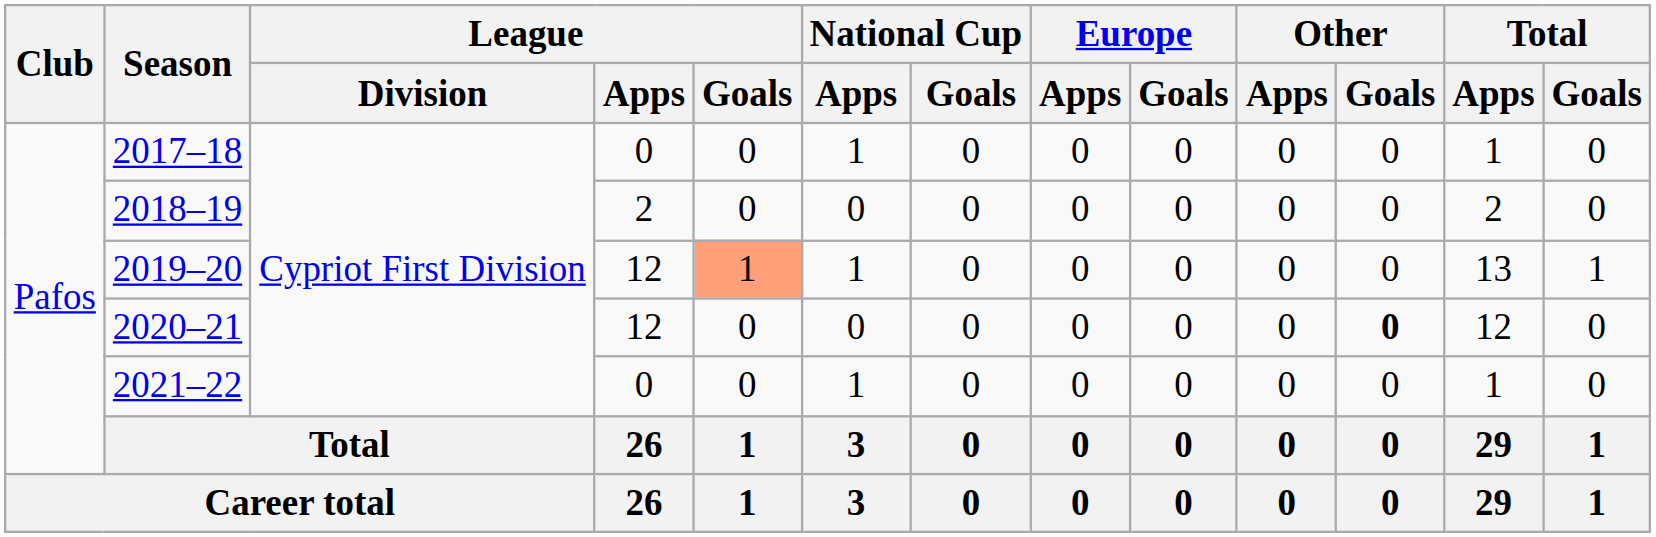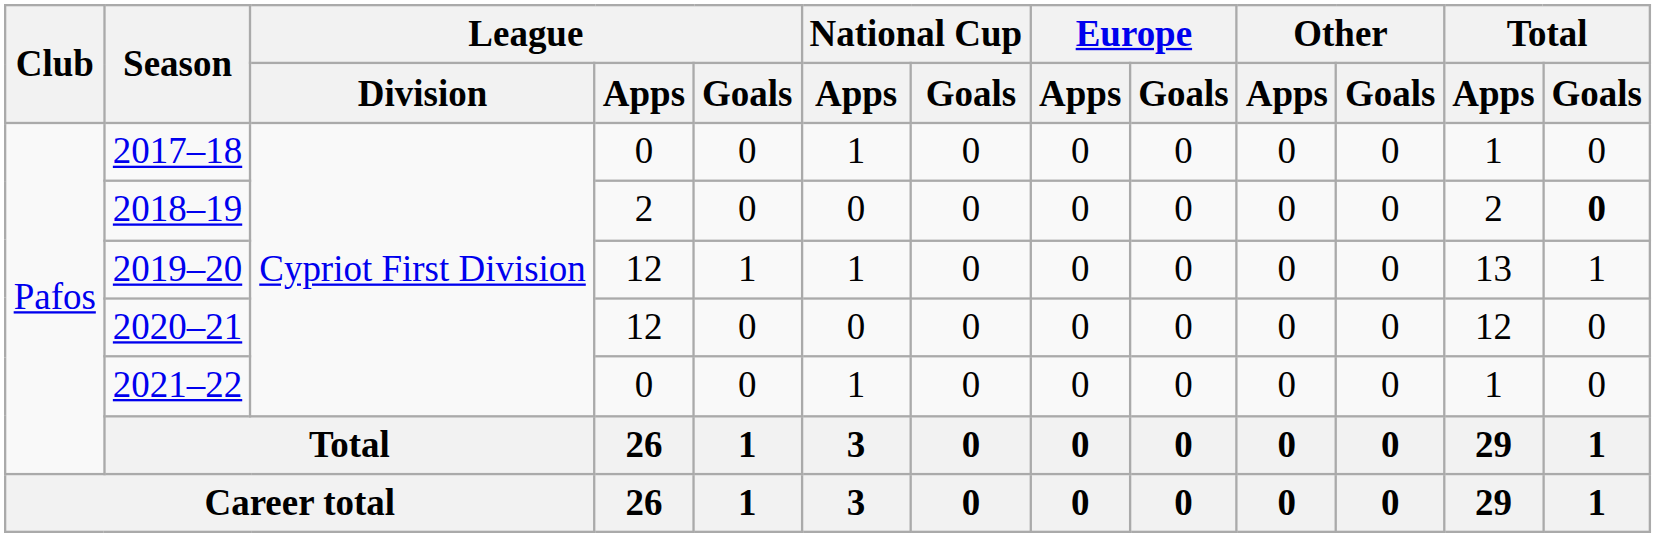 <table class="wikitable" style="text-align:center">
 <tr>
 <th rowspan=2>Club</th>
 <th rowspan=2>Season</th>
 <th colspan=3>League</th>
 <th colspan=2>National Cup</th>
 <th colspan=2><a href='#'>Europe</a></th>
 <th colspan=2>Other</th>
 <th colspan=2>Total</th>
 </tr>
 <tr>
 <th>Division</th>
 <th>Apps</th>
 <th>Goals</th>
 <th>Apps</th>
 <th>Goals</th>
 <th>Apps</th>
 <th>Goals</th>
 <th>Apps</th>
 <th>Goals</th>
 <th>Apps</th>
 <th>Goals</th>
 </tr>
 <tr>
 <td rowspan="6"><a href='#'>Pafos</a></td>
 <td><a href='#'>2017–18</a></td>
 <td rowspan="5"><a href='#'>Cypriot First Division</a></td>
 <td>0</td>
 <td>0</td>
 <td>1</td>
 <td>0</td>
 <td>0</td>
 <td>0</td>
 <td>0</td>
 <td>0</td>
 <td>1</td>
 <td>0</td>
 </tr>
 <tr>
 <td><a href='#'>2018–19</a></td>
 <td>2</td>
 <td>0</td>
 <td>0</td>
 <td>0</td>
 <td>0</td>
 <td>0</td>
 <td>0</td>
 <td>0</td>
 <td>2</td>
-<td>0</td>
+<td><strong>0</strong></td>
 </tr>
 <tr>
 <td><a href='#'>2019–20</a></td>
 <td>12</td>
-<td style="background: lightsalmon;">1</td>
+<td>1</td>
 <td>1</td>
 <td>0</td>
 <td>0</td>
 <td>0</td>
 <td>0</td>
 <td>0</td>
 <td>13</td>
 <td>1</td>
 </tr>
 <tr>
 <td><a href='#'>2020–21</a></td>
 <td>12</td>
 <td>0</td>
 <td>0</td>
 <td>0</td>
 <td>0</td>
 <td>0</td>
 <td>0</td>
-<td><strong>0</strong></td>
+<td>0</td>
 <td>12</td>
 <td>0</td>
 </tr>
 <tr>
 <td><a href='#'>2021–22</a></td>
 <td>0</td>
 <td>0</td>
 <td>1</td>
 <td>0</td>
 <td>0</td>
 <td>0</td>
 <td>0</td>
 <td>0</td>
 <td>1</td>
 <td>0</td>
 </tr>
 <tr>
 <th colspan="2">Total</th>
 <th>26</th>
 <th>1</th>
 <th>3</th>
 <th>0</th>
 <th>0</th>
 <th>0</th>
 <th>0</th>
 <th>0</th>
 <th>29</th>
 <th>1</th>
 </tr>
 <tr>
 <th colspan="3">Career total</th>
 <th>26</th>
 <th>1</th>
 <th>3</th>
 <th>0</th>
 <th>0</th>
 <th>0</th>
 <th>0</th>
 <th>0</th>
 <th>29</th>
 <th>1</th>
 </tr>
 </table>
